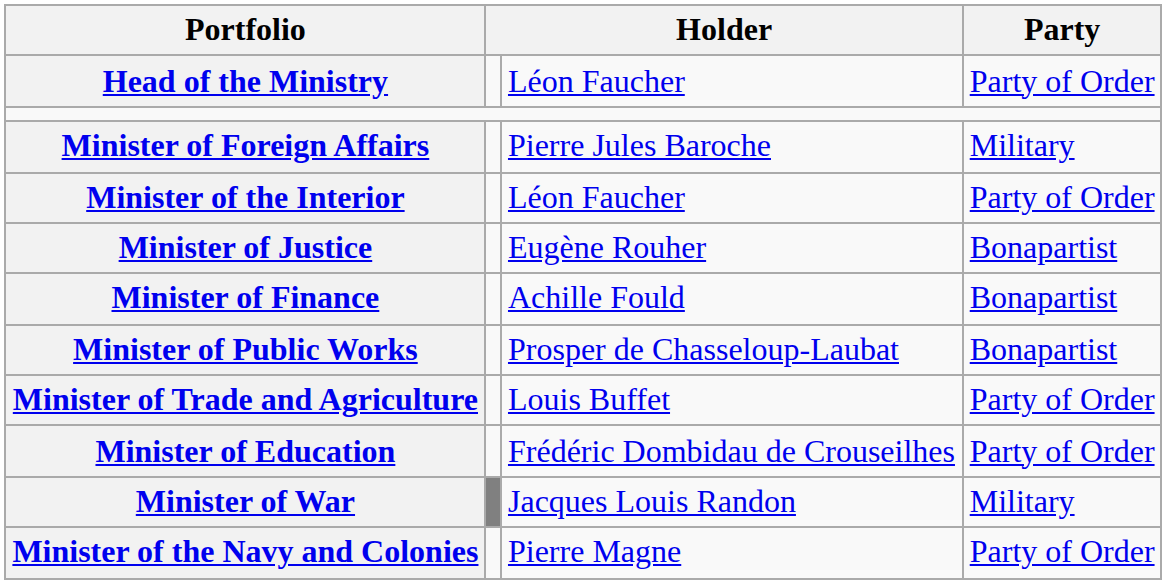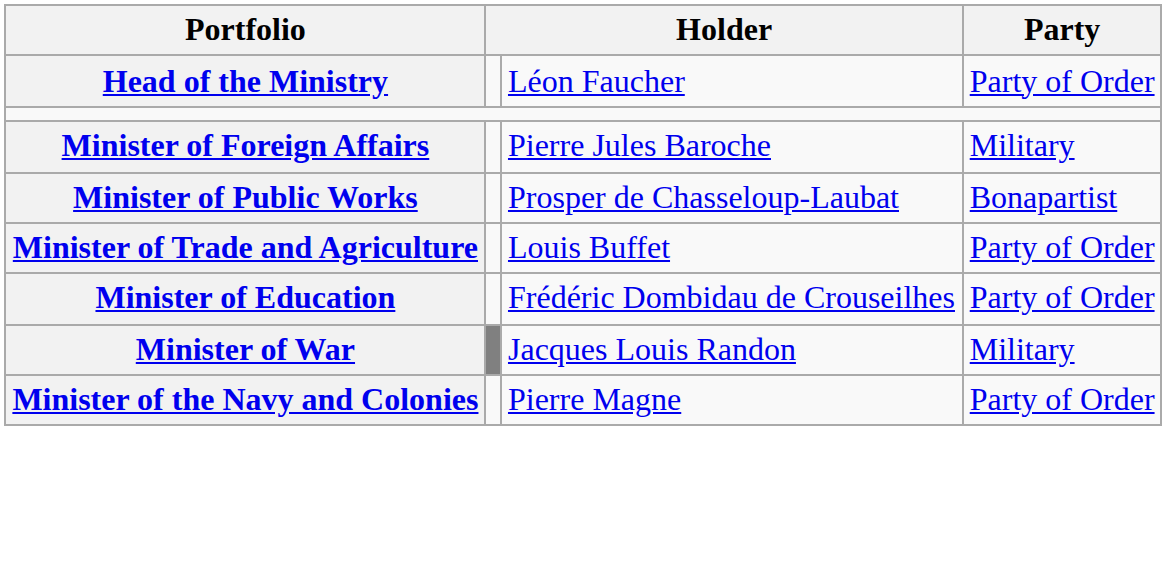 <table class="wikitable">
 <tr>
 <th>Portfolio</th>
 <th colspan=2>Holder</th>
 <th>Party</th>
 </tr>
 <tr>
 <th><a href='#'>Head of the Ministry</a></th>
 <td style="background:"></td>
 <td><a href='#'>Léon Faucher</a></td>
 <td><a href='#'>Party of Order</a></td>
 </tr>
 <tr>
 <td colspan=4></td>
 </tr>
 <tr>
 <th><a href='#'>Minister of Foreign Affairs</a></th>
 <td style="background:"></td>
 <td><a href='#'>Pierre Jules Baroche</a></td>
 <td><a href='#'>Military</a></td>
-</tr>
-<tr>
-<th><a href='#'>Minister of the Interior</a></th>
-<td style="background:"></td>
-<td><a href='#'>Léon Faucher</a></td>
-<td><a href='#'>Party of Order</a></td>
-</tr>
-<tr>
-<th><a href='#'>Minister of Justice</a></th>
-<td style="background:"></td>
-<td><a href='#'>Eugène Rouher</a></td>
-<td><a href='#'>Bonapartist</a></td>
-</tr>
-<tr>
-<th><a href='#'>Minister of Finance</a></th>
-<td style="background:"></td>
-<td><a href='#'>Achille Fould</a></td>
-<td><a href='#'>Bonapartist</a></td>
 </tr>
 <tr>
 <th><a href='#'>Minister of Public Works</a></th>
 <td style="background:"></td>
 <td><a href='#'>Prosper de Chasseloup-Laubat</a></td>
 <td><a href='#'>Bonapartist</a></td>
 </tr>
 <tr>
 <th><a href='#'>Minister of Trade and Agriculture</a></th>
 <td style="background:"></td>
 <td><a href='#'>Louis Buffet</a></td>
 <td><a href='#'>Party of Order</a></td>
 </tr>
 <tr>
 <th><a href='#'>Minister of Education</a></th>
 <td style="background:"></td>
 <td><a href='#'>Frédéric Dombidau de Crouseilhes</a></td>
 <td><a href='#'>Party of Order</a></td>
 </tr>
 <tr>
 <th><a href='#'>Minister of War</a></th>
 <td style="background:#808080;"></td>
 <td><a href='#'>Jacques Louis Randon</a></td>
 <td><a href='#'>Military</a></td>
 </tr>
 <tr>
 <th><a href='#'>Minister of the Navy and Colonies</a></th>
 <td style="background:"></td>
 <td><a href='#'>Pierre Magne</a></td>
 <td><a href='#'>Party of Order</a></td>
 </tr>
 </table>
